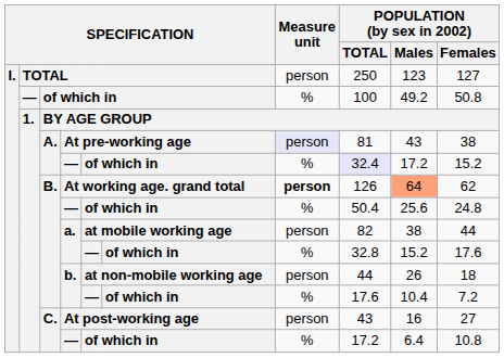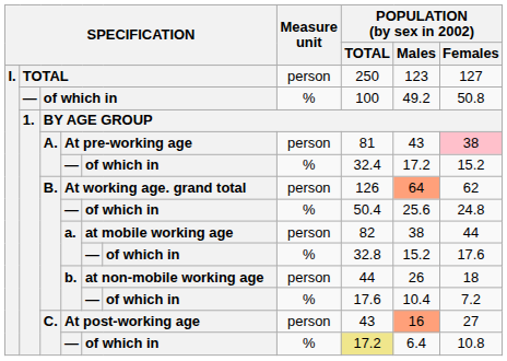 <table class="wikitable" style="font-size:85%; text-align:center">
 <tr>
 <th rowspan="2" colspan="6">SPECIFICATION</th>
 <th rowspan="2">Measure<br> unit</th>
 <th colspan="3" rowspan="1">POPULATION<br> (by sex in 2002)</th>
 </tr>
 <tr>
 <th>TOTAL</th>
 <th>Males</th>
 <th>Females</th>
 </tr>
 <tr>
 <th style="text-align:left" valign="top" rowspan="13">I.</th>
 <th style="text-align:left" colspan="5">TOTAL</th>
 <td>person</td>
 <td>250</td>
 <td>123</td>
 <td>127</td>
 </tr>
 <tr>
 <th style="text-align:left" valign="top">—</th>
 <th style="text-align:left" colspan="4">of which in</th>
 <td>%</td>
 <td>100</td>
 <td>49.2</td>
 <td>50.8</td>
 </tr>
 <tr>
 <th style="text-align:left" valign="top" rowspan="11">1.</th>
 <th style="text-align:left" colspan="19">BY AGE GROUP</th>
 </tr>
 <tr>
 <th style="text-align:left" valign="top" rowspan="2">A.</th>
 <th style="text-align:left" colspan="3">At pre-working age</th>
-<td style="background: lavender;">person</td>
+<td>person</td>
 <td>81</td>
 <td>43</td>
-<td>38</td>
+<td style="background: pink;">38</td>
 </tr>
 <tr>
 <th style="text-align:left" valign="top">—</th>
 <th style="text-align:left" valign="top" colspan="2">of which in</th>
 <td>%</td>
-<td style="background: lavender;">32.4</td>
+<td>32.4</td>
 <td>17.2</td>
 <td>15.2</td>
 </tr>
 <tr>
 <th style="text-align:left" valign="top" rowspan="6">B.</th>
 <th style="text-align:left" colspan="3">At working age. grand total</th>
-<td><strong>person</strong></td>
+<td>person</td>
 <td>126</td>
 <td style="background: lightsalmon;">64</td>
 <td>62</td>
 </tr>
 <tr>
 <th style="text-align:left" valign="top">—</th>
 <th style="text-align:left" valign="top" colspan="2">of which in</th>
 <td>%</td>
 <td>50.4</td>
 <td>25.6</td>
 <td>24.8</td>
 </tr>
 <tr>
 <th style="text-align:left" valign="top" rowspan="2">a.</th>
 <th style="text-align:left" colspan="2">at mobile working age</th>
 <td>person</td>
 <td>82</td>
 <td>38</td>
 <td>44</td>
 </tr>
 <tr>
 <th style="text-align:left" valign="top">—</th>
 <th style="text-align:left" valign="top" colspan="1">of which in                        </th>
 <td>%</td>
 <td>32.8</td>
 <td>15.2</td>
 <td>17.6</td>
 </tr>
 <tr>
 <th style="text-align:left" valign="top" rowspan="2">b.</th>
 <th style="text-align:left" colspan="2">at non-mobile working age</th>
 <td>person</td>
 <td>44</td>
 <td>26</td>
 <td>18</td>
 </tr>
 <tr>
 <th style="text-align:left" valign="top">—</th>
 <th style="text-align:left" valign="top" colspan="1">of which in                        </th>
 <td>%</td>
 <td>17.6</td>
 <td>10.4</td>
 <td>7.2</td>
 </tr>
 <tr>
 <th style="text-align:left" valign="top" rowspan="2">C.</th>
 <th style="text-align:left" colspan="3">At post-working age</th>
 <td>person</td>
 <td>43</td>
-<td>16</td>
+<td style="background: lightsalmon;">16</td>
 <td>27</td>
 </tr>
 <tr>
 <th style="text-align:left" valign="top">—</th>
 <th style="text-align:left" valign="top" colspan="2">of which in</th>
 <td>%</td>
-<td>17.2</td>
+<td style="background: khaki;">17.2</td>
 <td>6.4</td>
 <td>10.8</td>
 </tr>
 </table>
